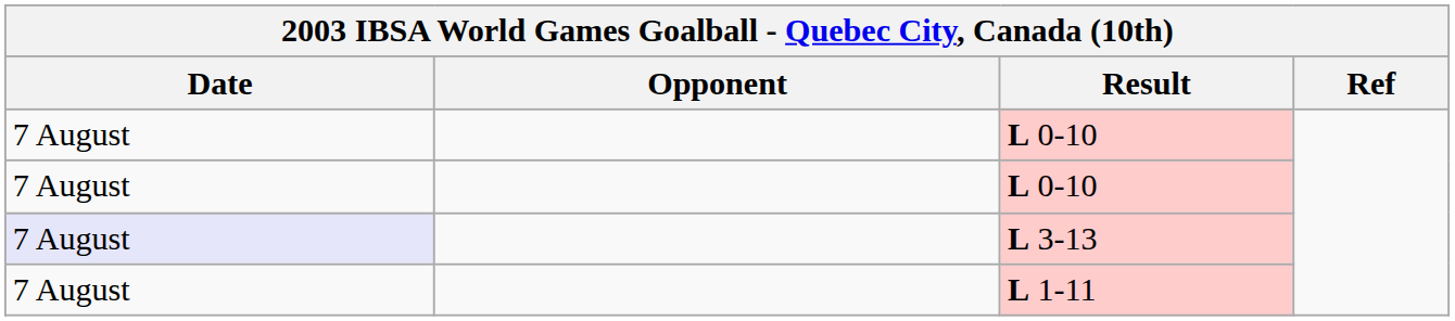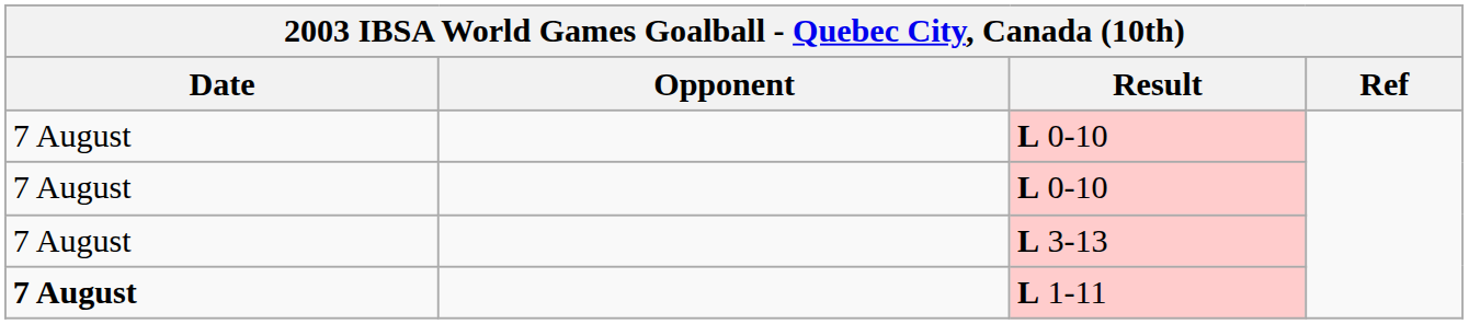 <table class="wikitable">
 <tr>
 <th width=700 colspan=4>2003 IBSA World Games Goalball - <a href='#'>Quebec City</a>, Canada (10th)</th>
 </tr>
 <tr>
 <th width=150>Date</th>
 <th width=200>Opponent</th>
 <th width=100>Result</th>
 <th width=50>Ref</th>
 </tr>
 <tr>
 <td>7 August</td>
 <td></td>
 <td bgcolor=#fcc><strong>L</strong> 0-10</td>
 <td rowspan=4></td>
 </tr>
 <tr>
 <td>7 August</td>
 <td></td>
 <td bgcolor=#fcc><strong>L</strong> 0-10</td>
 </tr>
 <tr>
-<td style="background: lavender;">7 August</td>
+<td>7 August</td>
 <td></td>
 <td bgcolor=#fcc><strong>L</strong> 3-13</td>
 </tr>
 <tr>
-<td>7 August</td>
+<td><strong>7 August</strong></td>
 <td></td>
 <td bgcolor=#fcc><strong>L</strong> 1-11</td>
 </tr>
 </table>
